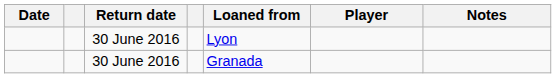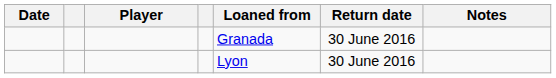 <table class="wikitable sortable">
 <tr>
 <th style="width:80px;">Date</th>
 <th style="width:30px;"></th>
-<th style="width:155px;" class="unsortable">Return date</th>
+<th style="width:180px;">Player</th>
 <th style="width:20px;"></th>
 <th style="width:155px;">Loaned from</th>
-<th style="width:180px;">Player</th>
+<th style="width:155px;" class="unsortable">Return date</th>
 <th style="width:215px;" class="unsortable">Notes</th>
 </tr>
 <tr>
 <td></td>
 <td align=center></td>
+<td> </td>
+<td></td>
+<td> <a href='#'>Granada</a></td>
 <td align=center>30 June 2016</td>
-<td></td>
-<td> <a href='#'>Lyon</a></td>
-<td> </td>
 <td align=center></td>
 </tr>
 <tr>
 <td></td>
 <td align=center></td>
+<td> </td>
+<td></td>
+<td> <a href='#'>Lyon</a></td>
 <td align=center>30 June 2016</td>
-<td></td>
-<td> <a href='#'>Granada</a></td>
-<td> </td>
 <td align=center></td>
 </tr>
 </table>
